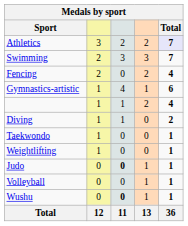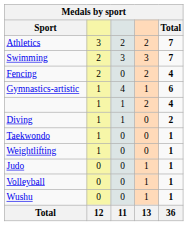 <table class="wikitable" style="font-size:90%; text-align:center;">
 <tr>
 <th colspan=5>Medals by sport</th>
 </tr>
 <tr>
 <th width=120>Sport</th>
 <th scope="col" width=30 style="background:#F7F6A8;"></th>
 <th scope="col" width=30 style="background:#DCE5E5;"></th>
 <th scope="col" width=30 style="background:#FFDAB9;"></th>
 <th width=30>Total</th>
 </tr>
 <tr>
 <td align=left><a href='#'>Athletics</a></td>
 <td style="background:#F7F6A8;">3</td>
 <td style="background:#DCE5E5;">2</td>
 <td style="background:#FFDAB9;">2</td>
-<td style="background: lavender;"><strong>7</strong></td>
+<td><strong>7</strong></td>
 </tr>
 <tr>
 <td align=left><a href='#'>Swimming</a></td>
 <td style="background:#F7F6A8;">2</td>
 <td style="background:#DCE5E5;">3</td>
 <td style="background:#FFDAB9;">3</td>
 <td><strong>7</strong></td>
 </tr>
 <tr>
 <td align=left><a href='#'>Fencing</a></td>
 <td style="background:#F7F6A8;">2</td>
 <td style="background:#DCE5E5;">0</td>
 <td style="background:#FFDAB9;">2</td>
 <td><strong>4</strong></td>
 </tr>
 <tr>
 <td align=left><a href='#'>Gymnastics-artistic</a></td>
 <td style="background:#F7F6A8;">1</td>
 <td style="background:#DCE5E5;">4</td>
 <td style="background:#FFDAB9;">1</td>
 <td><strong>6</strong></td>
 </tr>
 <tr>
 <td align=left></td>
 <td style="background:#F7F6A8;">1</td>
 <td style="background:#DCE5E5;">1</td>
 <td style="background:#FFDAB9;">2</td>
 <td><strong>4</strong></td>
 </tr>
 <tr>
 <td align=left><a href='#'>Diving</a></td>
 <td style="background:#F7F6A8;">1</td>
 <td style="background:#DCE5E5;">1</td>
 <td style="background:#FFDAB9;">0</td>
 <td><strong>2</strong></td>
 </tr>
 <tr>
 <td align=left><a href='#'>Taekwondo</a></td>
 <td style="background:#F7F6A8;">1</td>
 <td style="background:#DCE5E5;">0</td>
 <td style="background:#FFDAB9;">0</td>
 <td><strong>1</strong></td>
 </tr>
 <tr>
 <td align=left><a href='#'>Weightlifting</a></td>
 <td style="background:#F7F6A8;">1</td>
 <td style="background:#DCE5E5;">0</td>
 <td style="background:#FFDAB9;">0</td>
 <td><strong>1</strong></td>
 </tr>
 <tr>
 <td align=left><a href='#'>Judo</a></td>
 <td style="background:#F7F6A8;">0</td>
-<td style="background:#DCE5E5;"><strong>0</strong></td>
+<td style="background:#DCE5E5;">0</td>
 <td style="background:#FFDAB9;">1</td>
 <td><strong>1</strong></td>
 </tr>
 <tr>
 <td align=left><a href='#'>Volleyball</a></td>
 <td style="background:#F7F6A8;">0</td>
 <td style="background:#DCE5E5;">0</td>
 <td style="background:#FFDAB9;">1</td>
 <td><strong>1</strong></td>
 </tr>
 <tr>
 <td align=left><a href='#'>Wushu</a></td>
 <td style="background:#F7F6A8;">0</td>
-<td style="background:#DCE5E5;"><strong>0</strong></td>
+<td style="background:#DCE5E5;">0</td>
 <td style="background:#FFDAB9;">1</td>
 <td><strong>1</strong></td>
 </tr>
 <tr class="sortbottom">
 <th>Total</th>
 <th>12</th>
 <th>11</th>
 <th>13</th>
 <th>36</th>
 </tr>
 </table>
